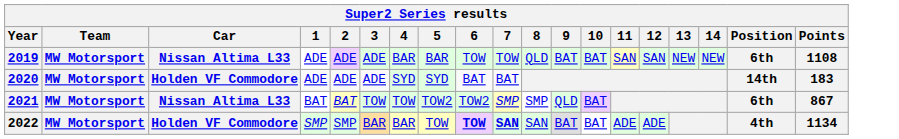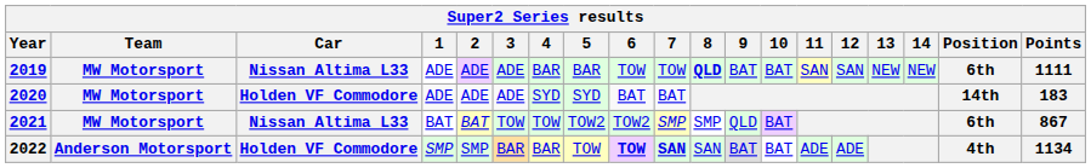 <table class="wikitable" style="text-align:center; font-size:90%">
 <tr>
 <th colspan=45><a href='#'>Super2 Series</a> results</th>
 </tr>
 <tr>
 <th>Year</th>
 <th>Team</th>
 <th>Car</th>
 <th>1</th>
 <th>2</th>
 <th>3</th>
 <th>4</th>
 <th>5</th>
 <th>6</th>
 <th>7</th>
 <th>8</th>
 <th>9</th>
 <th>10</th>
 <th>11</th>
 <th>12</th>
 <th>13</th>
 <th>14</th>
 <th>Position</th>
 <th>Points</th>
 </tr>
 <tr>
 <th><a href='#'>2019</a></th>
 <th><a href='#'>MW Motorsport</a></th>
 <th><a href='#'>Nissan Altima L33</a></th>
 <td style="background: #ffffff"><a href='#'>ADE</a><br></td>
 <td style="background: #efcfff"><a href='#'>ADE</a><br></td>
 <td style="background: #dfffdf"><a href='#'>ADE</a><br></td>
 <td style="background: #dfffdf"><a href='#'>BAR</a><br></td>
 <td style="background: #dfffdf"><a href='#'>BAR</a><br></td>
 <td style="background: #dfffdf"><a href='#'>TOW</a><br></td>
 <td style="background: #dfffdf"><a href='#'>TOW</a><br></td>
-<td style="background: #dfffdf"><a href='#'>QLD</a><br></td>
+<td style="background: #dfffdf"><strong><a href='#'>QLD</a><br></strong></td>
 <td style="background: #dfffdf"><a href='#'>BAT</a><br></td>
 <td style="background: #dfffdf"><a href='#'>BAT</a><br></td>
 <td style="background: #ffffbf"><a href='#'>SAN</a><br></td>
 <td style="background: #dfffdf"><a href='#'>SAN</a><br></td>
 <td style="background: #dfffdf"><a href='#'>NEW</a><br></td>
 <td style="background: #dfffdf"><a href='#'>NEW</a><br></td>
 <th>6th</th>
-<th>1108</th>
+<th>1111</th>
 </tr>
 <tr>
 <th><a href='#'>2020</a></th>
 <th><a href='#'>MW Motorsport</a></th>
 <th><a href='#'>Holden VF Commodore</a></th>
 <td><a href='#'>ADE</a></td>
 <td><a href='#'>ADE</a></td>
 <td><a href='#'>ADE</a></td>
 <td style="background: #dfffdf"><a href='#'>SYD</a><br></td>
 <td style="background: #dfffdf"><a href='#'>SYD</a><br></td>
 <td><a href='#'>BAT</a></td>
 <td><a href='#'>BAT</a></td>
 <th colspan=7></th>
 <th>14th</th>
 <th>183</th>
 </tr>
 <tr>
 <th><a href='#'>2021</a></th>
 <th><a href='#'>MW Motorsport</a></th>
 <th><a href='#'>Nissan Altima L33</a></th>
 <td style="background: #ffffff"><a href='#'>BAT</a><br></td>
 <td style="background: #ffffbf"><em><a href='#'>BAT</a><br></em></td>
 <td style="background: #dfffdf"><a href='#'>TOW</a><br></td>
 <td style="background: #dfffdf"><a href='#'>TOW</a><br></td>
 <td style="background: #dfffdf"><a href='#'>TOW2</a><br></td>
 <td style="background: #dfffdf"><a href='#'>TOW2</a><br></td>
 <td style="background: #ffffbf"><em><a href='#'>SMP</a><br></em></td>
 <td style="background: #ffffff"><a href='#'>SMP</a><br></td>
 <td style="background: #dfffdf"><a href='#'>QLD</a><br></td>
 <td style="background: #efcfff"><a href='#'>BAT</a><br></td>
 <th colspan=4></th>
 <th>6th</th>
 <th>867</th>
 </tr>
 <tr>
 <th>2022</th>
-<th><a href='#'>MW Motorsport</a></th>
+<th><a href='#'>Anderson Motorsport</a></th>
 <th><a href='#'>Holden VF Commodore</a></th>
 <td style="background: #dfffdf"><em><a href='#'>SMP</a><br></em></td>
 <td style="background: #dfffdf"><a href='#'>SMP</a><br></td>
 <td style="background: #ffdf9f"><a href='#'>BAR</a><br></td>
 <td style="background: #ffffbf"><a href='#'>BAR</a><br></td>
 <td style="background: #ffffbf"><a href='#'>TOW</a><br></td>
 <td style="background: #efcfff"><strong><a href='#'>TOW</a><br></strong></td>
 <td style="background: #dfffdf"><strong><a href='#'>SAN</a><br></strong></td>
 <td style="background: #dfffdf"><a href='#'>SAN</a><br></td>
 <td style="background: #dfdfdf"><a href='#'>BAT</a><br></td>
 <td style="background: #ffffff"><a href='#'>BAT</a><br></td>
 <td style="background: #dfffdf"><a href='#'>ADE</a><br></td>
 <td style="background: #dfffdf"><a href='#'>ADE</a><br></td>
 <th colspan=2></th>
 <th>4th</th>
 <th>1134</th>
 </tr>
 </table>
